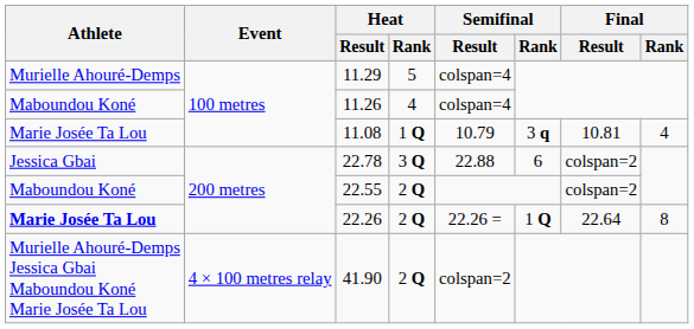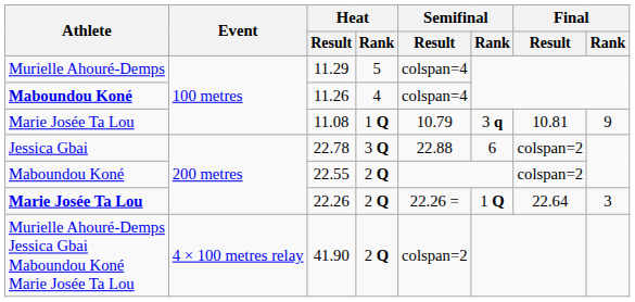 <table class="wikitable" style="font-size:90%">
 <tr>
 <th rowspan="2">Athlete</th>
 <th rowspan="2">Event</th>
 <th colspan="2">Heat</th>
 <th colspan="2">Semifinal</th>
 <th colspan="2">Final</th>
 </tr>
 <tr style="font-size:95%">
 <th>Result</th>
 <th>Rank</th>
 <th>Result</th>
 <th>Rank</th>
 <th>Result</th>
 <th>Rank</th>
 </tr>
 <tr align=center>
 <td align=left><a href='#'>Murielle Ahouré-Demps</a></td>
 <td align=left rowspan=3><a href='#'>100 metres</a></td>
 <td>11.29</td>
 <td>5</td>
 <td>colspan=4 </td>
 </tr>
 <tr align=center>
-<td align=left><a href='#'>Maboundou Koné</a></td>
+<td align=left><strong><a href='#'>Maboundou Koné</a></strong></td>
 <td>11.26</td>
 <td>4</td>
 <td>colspan=4 </td>
 </tr>
 <tr align=center>
 <td align=left><a href='#'>Marie Josée Ta Lou</a></td>
 <td>11.08</td>
 <td>1 <strong>Q</strong></td>
 <td>10.79</td>
 <td>3 <strong>q</strong></td>
 <td>10.81</td>
-<td>4</td>
+<td>9</td>
 </tr>
 <tr align=center>
 <td align=left><a href='#'>Jessica Gbai</a></td>
 <td align=left rowspan=3><a href='#'>200 metres</a></td>
 <td>22.78</td>
 <td>3 <strong>Q</strong></td>
 <td>22.88</td>
 <td>6</td>
 <td>colspan=2 </td>
 </tr>
 <tr align=center>
 <td align=left><a href='#'>Maboundou Koné</a></td>
 <td>22.55</td>
 <td>2 <strong>Q</strong></td>
 <td colspan=2></td>
 <td>colspan=2 </td>
 </tr>
 <tr align=center>
 <td align=left><strong><a href='#'>Marie Josée Ta Lou</a></strong></td>
 <td>22.26 </td>
 <td>2 <strong>Q</strong></td>
 <td>22.26 =</td>
 <td>1 <strong>Q</strong></td>
 <td>22.64</td>
-<td>8</td>
+<td>3</td>
 </tr>
 <tr align=center>
 <td align=left><a href='#'>Murielle Ahouré-Demps</a><br><a href='#'>Jessica Gbai</a><br><a href='#'>Maboundou Koné</a><br><a href='#'>Marie Josée Ta Lou</a></td>
 <td align=left><a href='#'>4 × 100 metres relay</a></td>
 <td>41.90 </td>
 <td>2 <strong>Q</strong></td>
 <td>colspan=2</td>
 <td colspan=2></td>
 </tr>
 </table>
